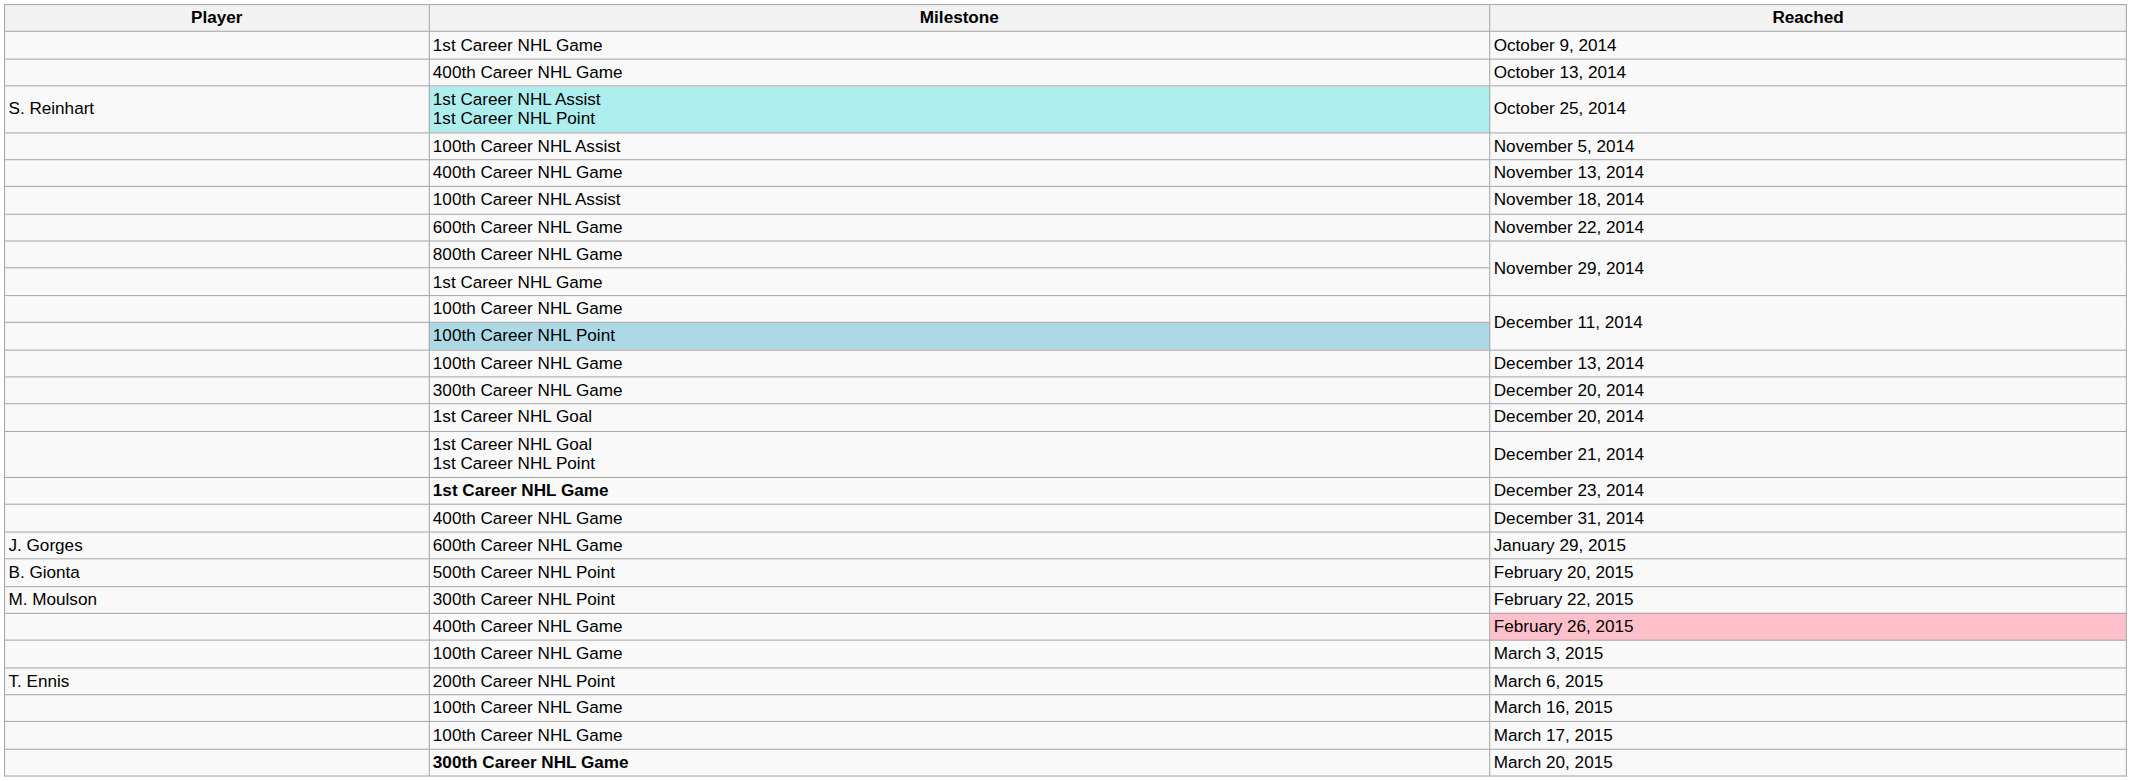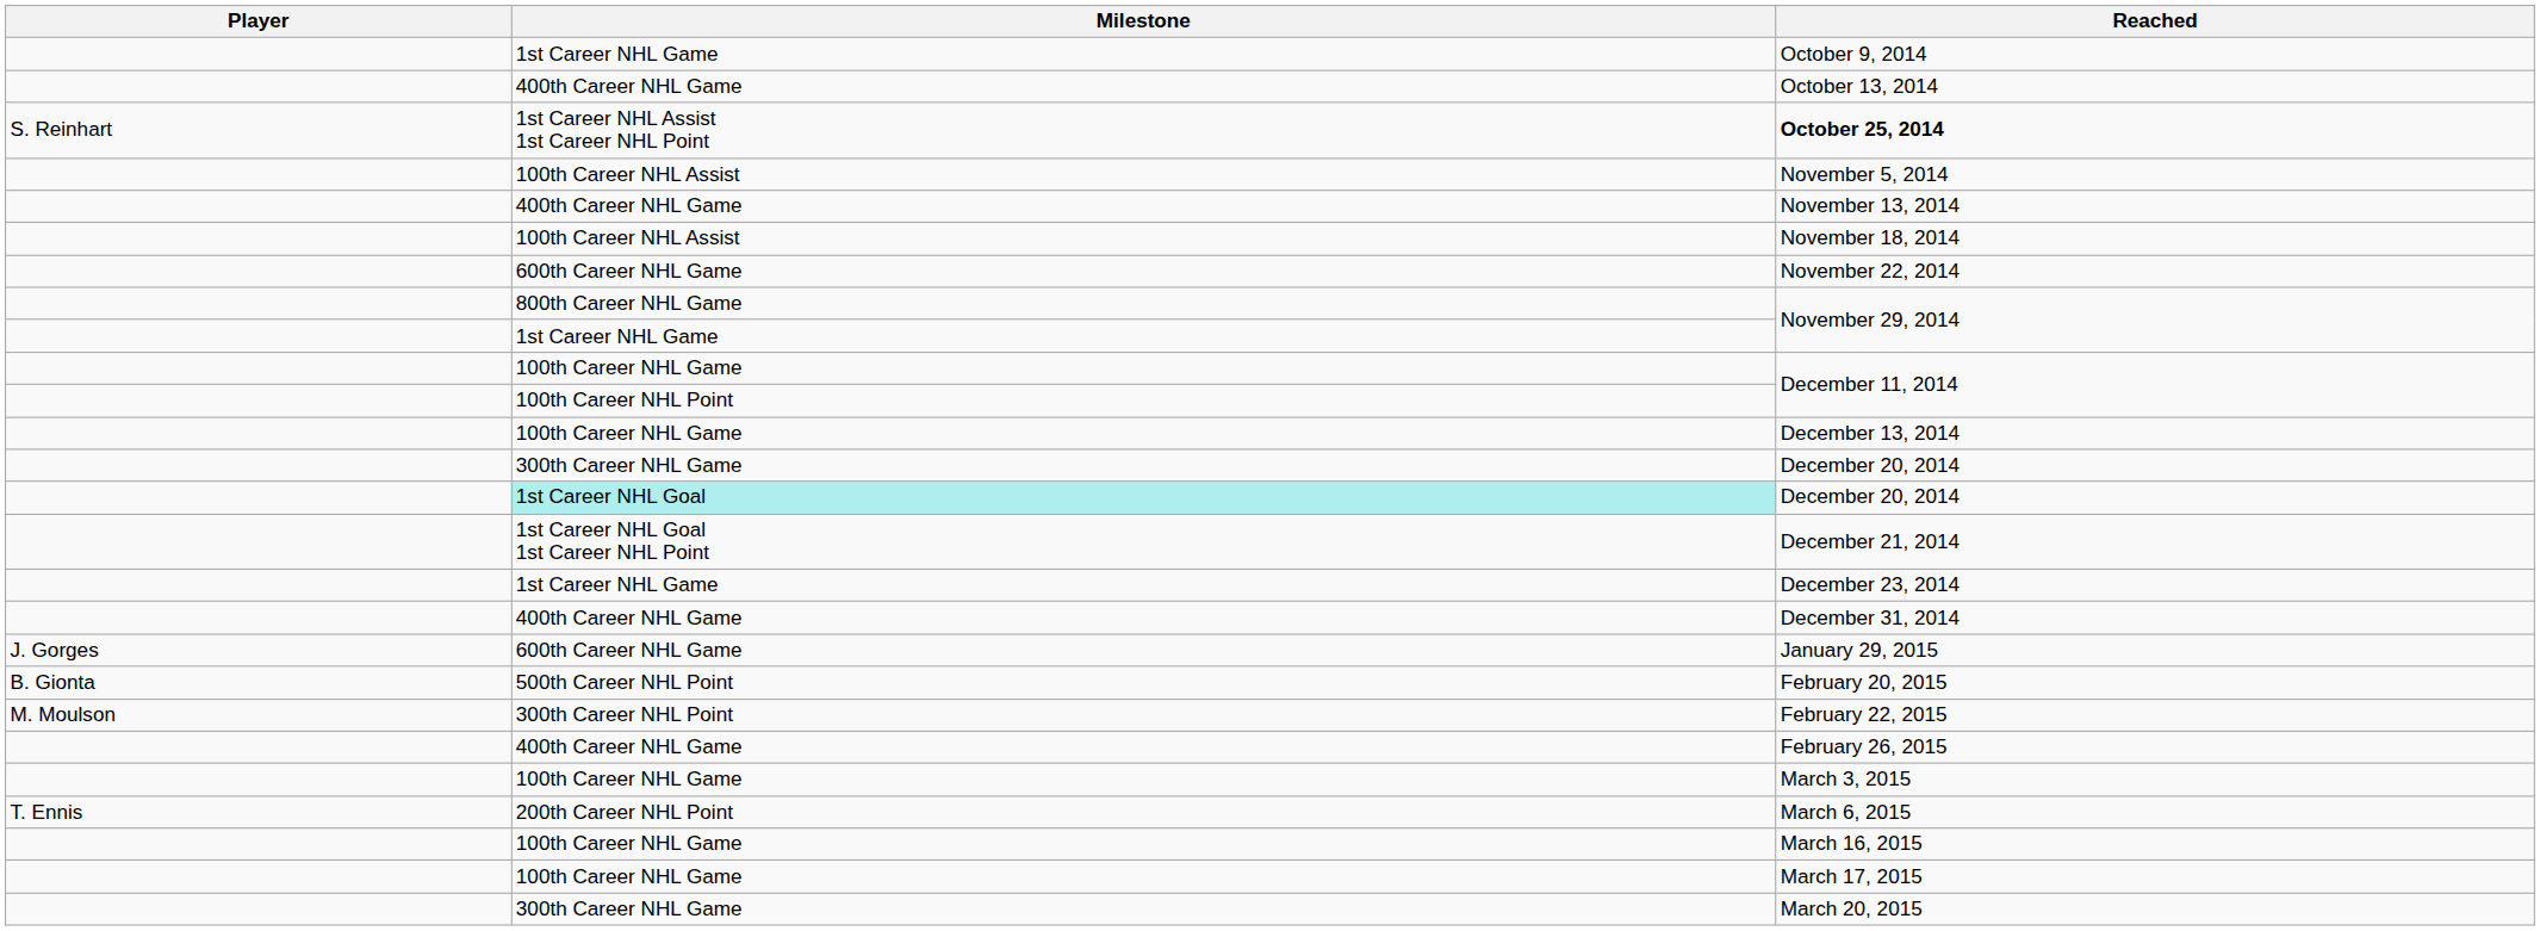 <table class="wikitable sortable" style="width:100%;">
 <tr align=center>
 <th style="width:20%;">Player</th>
 <th style="width:50%;">Milestone</th>
 <th style="width:30%;" data-sort-type="date">Reached</th>
 </tr>
 <tr>
 <td></td>
 <td>1st Career NHL Game</td>
 <td>October 9, 2014</td>
 </tr>
 <tr>
 <td></td>
 <td>400th Career NHL Game</td>
 <td>October 13, 2014</td>
 </tr>
 <tr>
 <td>S. Reinhart</td>
-<td style="background: paleturquoise;">1st Career NHL Assist<br>1st Career NHL Point</td>
-<td>October 25, 2014</td>
+<td>1st Career NHL Assist<br>1st Career NHL Point</td>
+<td><strong>October 25, 2014</strong></td>
 </tr>
 <tr>
 <td></td>
 <td>100th Career NHL Assist</td>
 <td>November 5, 2014</td>
 </tr>
 <tr>
 <td></td>
 <td>400th Career NHL Game</td>
 <td>November 13, 2014</td>
 </tr>
 <tr>
 <td></td>
 <td>100th Career NHL Assist</td>
 <td>November 18, 2014</td>
 </tr>
 <tr>
 <td></td>
 <td>600th Career NHL Game</td>
 <td>November 22, 2014</td>
 </tr>
 <tr>
 <td></td>
 <td>800th Career NHL Game</td>
 <td rowspan=2>November 29, 2014</td>
 </tr>
 <tr>
 <td></td>
 <td>1st Career NHL Game</td>
 </tr>
 <tr>
 <td></td>
 <td>100th Career NHL Game</td>
 <td rowspan=2>December 11, 2014</td>
 </tr>
 <tr>
 <td></td>
-<td style="background: lightblue;">100th Career NHL Point</td>
+<td>100th Career NHL Point</td>
 </tr>
 <tr>
 <td></td>
 <td>100th Career NHL Game</td>
 <td>December 13, 2014</td>
 </tr>
 <tr>
 <td></td>
 <td>300th Career NHL Game</td>
 <td>December 20, 2014</td>
 </tr>
 <tr>
 <td></td>
-<td>1st Career NHL Goal</td>
+<td style="background: paleturquoise;">1st Career NHL Goal</td>
 <td>December 20, 2014</td>
 </tr>
 <tr>
 <td></td>
 <td>1st Career NHL Goal<br>1st Career NHL Point</td>
 <td>December 21, 2014</td>
 </tr>
 <tr>
 <td></td>
-<td><strong>1st Career NHL Game</strong></td>
+<td>1st Career NHL Game</td>
 <td>December 23, 2014</td>
 </tr>
 <tr>
 <td></td>
 <td>400th Career NHL Game</td>
 <td>December 31, 2014</td>
 </tr>
 <tr>
 <td>J. Gorges</td>
 <td>600th Career NHL Game</td>
 <td>January 29, 2015</td>
 </tr>
 <tr>
 <td>B. Gionta</td>
 <td>500th Career NHL Point</td>
 <td>February 20, 2015</td>
 </tr>
 <tr>
 <td>M. Moulson</td>
 <td>300th Career NHL Point</td>
 <td>February 22, 2015</td>
 </tr>
 <tr>
 <td></td>
 <td>400th Career NHL Game</td>
-<td style="background: pink;">February 26, 2015</td>
+<td>February 26, 2015</td>
 </tr>
 <tr>
 <td></td>
 <td>100th Career NHL Game</td>
 <td>March 3, 2015</td>
 </tr>
 <tr>
 <td>T. Ennis</td>
 <td>200th Career NHL Point</td>
 <td>March 6, 2015</td>
 </tr>
 <tr>
 <td></td>
 <td>100th Career NHL Game</td>
 <td>March 16, 2015</td>
 </tr>
 <tr>
 <td></td>
 <td>100th Career NHL Game</td>
 <td>March 17, 2015</td>
 </tr>
 <tr>
 <td></td>
-<td><strong>300th Career NHL Game</strong></td>
+<td>300th Career NHL Game</td>
 <td>March 20, 2015</td>
 </tr>
 </table>
